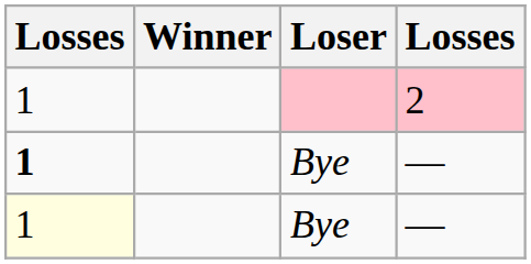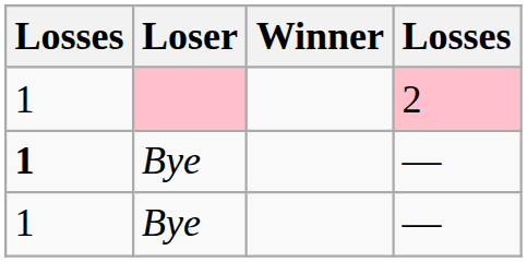 <table class=wikitable>
 <tr>
 <th>Losses</th>
+<th>Loser</th>
 <th>Winner</th>
-<th>Loser</th>
 <th>Losses</th>
 </tr>
 <tr>
 <td>1</td>
+<td bgcolor=pink></td>
 <td></td>
-<td bgcolor=pink></td>
 <td bgcolor=pink>2</td>
 </tr>
 <tr>
 <td><strong>1</strong></td>
+<td><em>Bye</em></td>
 <td></td>
-<td><em>Bye</em></td>
 <td>—</td>
 </tr>
 <tr>
-<td style="background: lightyellow;">1</td>
+<td>1</td>
+<td><em>Bye</em></td>
 <td></td>
-<td><em>Bye</em></td>
 <td>—</td>
 </tr>
 </table>
